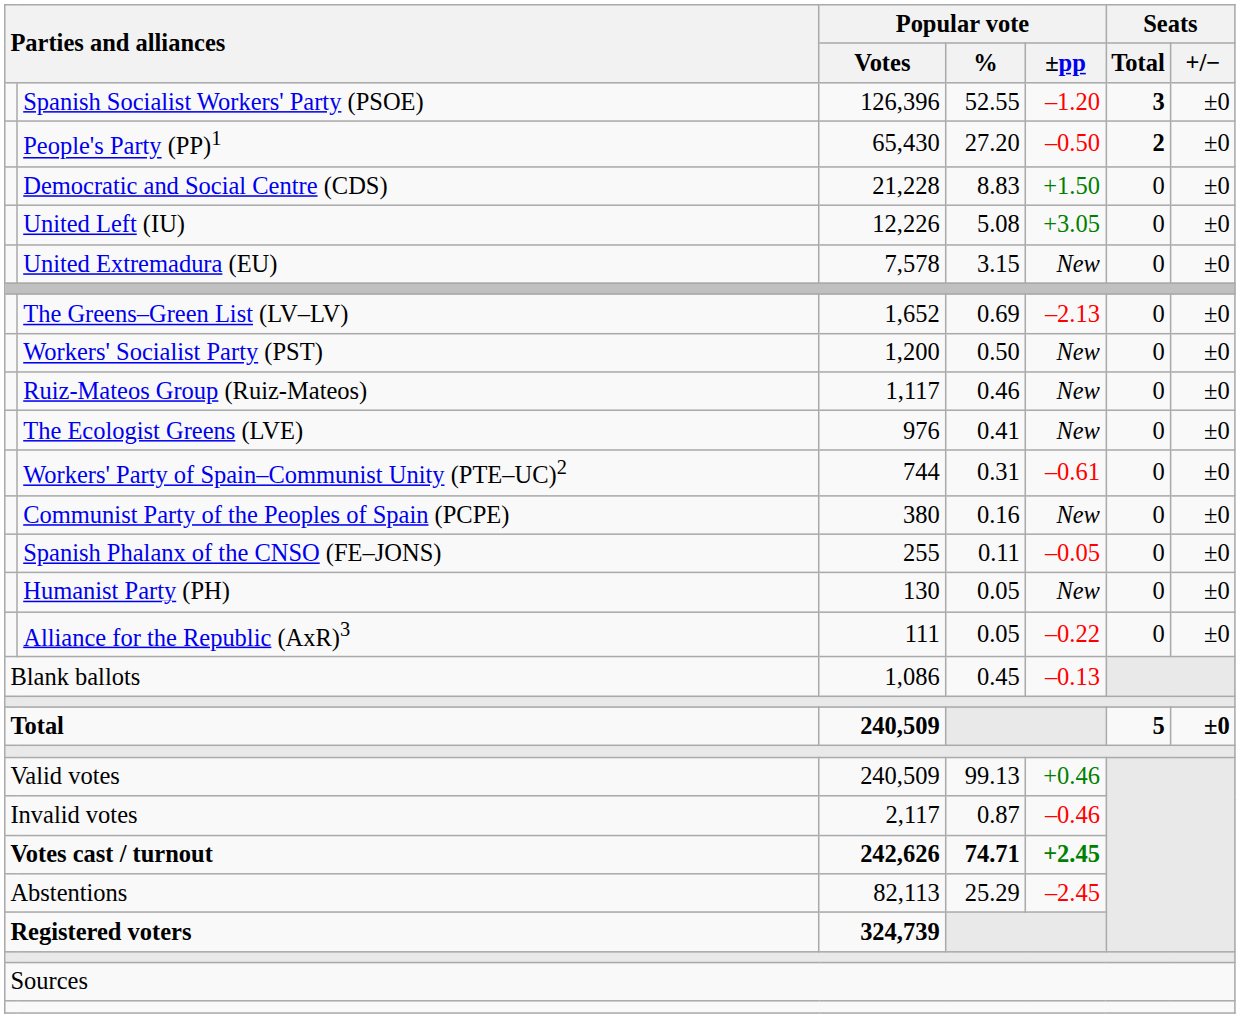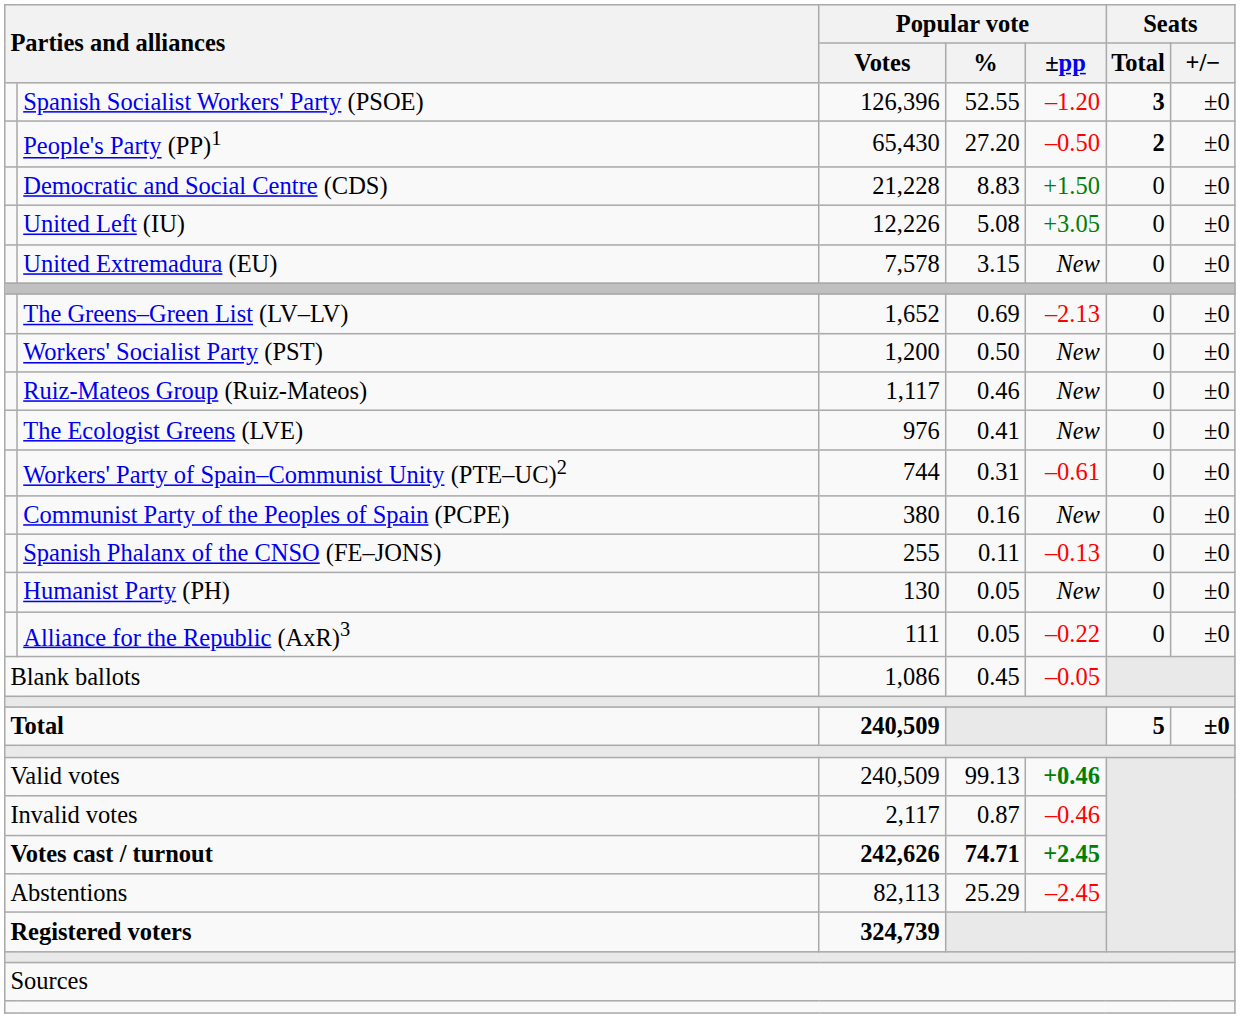 <table class="wikitable" style="text-align:right;">
 <tr>
 <th style="text-align:left;" rowspan="2" colspan="2" width="525">Parties and alliances</th>
 <th colspan="3">Popular vote</th>
 <th colspan="2">Seats</th>
 </tr>
 <tr>
 <th width="75">Votes</th>
 <th width="45">%</th>
 <th width="45">±<a href='#'>pp</a></th>
 <th width="35">Total</th>
 <th width="35">+/−</th>
 </tr>
 <tr>
 <td width="1" style="color:inherit;background:"></td>
 <td align="left"><a href='#'>Spanish Socialist Workers' Party</a> (PSOE)</td>
 <td>126,396</td>
 <td>52.55</td>
 <td style="color:red;">–1.20</td>
 <td><strong>3</strong></td>
 <td>±0</td>
 </tr>
 <tr>
 <td style="color:inherit;background:"></td>
 <td align="left"><a href='#'>People's Party</a> (PP)<sup>1</sup></td>
 <td>65,430</td>
 <td>27.20</td>
 <td style="color:red;">–0.50</td>
 <td><strong>2</strong></td>
 <td>±0</td>
 </tr>
 <tr>
 <td style="color:inherit;background:"></td>
 <td align="left"><a href='#'>Democratic and Social Centre</a> (CDS)</td>
 <td>21,228</td>
 <td>8.83</td>
 <td style="color:green;">+1.50</td>
 <td>0</td>
 <td>±0</td>
 </tr>
 <tr>
 <td style="color:inherit;background:"></td>
 <td align="left"><a href='#'>United Left</a> (IU)</td>
 <td>12,226</td>
 <td>5.08</td>
 <td style="color:green;">+3.05</td>
 <td>0</td>
 <td>±0</td>
 </tr>
 <tr>
 <td style="color:inherit;background:"></td>
 <td align="left"><a href='#'>United Extremadura</a> (EU)</td>
 <td>7,578</td>
 <td>3.15</td>
 <td><em>New</em></td>
 <td>0</td>
 <td>±0</td>
 </tr>
 <tr>
 <td colspan="7" bgcolor="#C0C0C0"></td>
 </tr>
 <tr>
 <td style="color:inherit;background:"></td>
 <td align="left"><a href='#'>The Greens–Green List</a> (LV–LV)</td>
 <td>1,652</td>
 <td>0.69</td>
 <td style="color:red;">–2.13</td>
 <td>0</td>
 <td>±0</td>
 </tr>
 <tr>
 <td style="color:inherit;background:"></td>
 <td align="left"><a href='#'>Workers' Socialist Party</a> (PST)</td>
 <td>1,200</td>
 <td>0.50</td>
 <td><em>New</em></td>
 <td>0</td>
 <td>±0</td>
 </tr>
 <tr>
 <td style="color:inherit;background:"></td>
 <td align="left"><a href='#'>Ruiz-Mateos Group</a> (Ruiz-Mateos)</td>
 <td>1,117</td>
 <td>0.46</td>
 <td><em>New</em></td>
 <td>0</td>
 <td>±0</td>
 </tr>
 <tr>
 <td style="color:inherit;background:"></td>
 <td align="left"><a href='#'>The Ecologist Greens</a> (LVE)</td>
 <td>976</td>
 <td>0.41</td>
 <td><em>New</em></td>
 <td>0</td>
 <td>±0</td>
 </tr>
 <tr>
 <td style="color:inherit;background:"></td>
 <td align="left"><a href='#'>Workers' Party of Spain–Communist Unity</a> (PTE–UC)<sup>2</sup></td>
 <td>744</td>
 <td>0.31</td>
 <td style="color:red;">–0.61</td>
 <td>0</td>
 <td>±0</td>
 </tr>
 <tr>
 <td style="color:inherit;background:"></td>
 <td align="left"><a href='#'>Communist Party of the Peoples of Spain</a> (PCPE)</td>
 <td>380</td>
 <td>0.16</td>
 <td><em>New</em></td>
 <td>0</td>
 <td>±0</td>
 </tr>
 <tr>
 <td style="color:inherit;background:"></td>
 <td align="left"><a href='#'>Spanish Phalanx of the CNSO</a> (FE–JONS)</td>
 <td>255</td>
 <td>0.11</td>
-<td style="color:red;">–0.05</td>
+<td style="color:red;">–0.13</td>
 <td>0</td>
 <td>±0</td>
 </tr>
 <tr>
 <td style="color:inherit;background:"></td>
 <td align="left"><a href='#'>Humanist Party</a> (PH)</td>
 <td>130</td>
 <td>0.05</td>
 <td><em>New</em></td>
 <td>0</td>
 <td>±0</td>
 </tr>
 <tr>
 <td style="color:inherit;background:"></td>
 <td align="left"><a href='#'>Alliance for the Republic</a> (AxR)<sup>3</sup></td>
 <td>111</td>
 <td>0.05</td>
 <td style="color:red;">–0.22</td>
 <td>0</td>
 <td>±0</td>
 </tr>
 <tr>
 <td align="left" colspan="2">Blank ballots</td>
 <td>1,086</td>
 <td>0.45</td>
-<td style="color:red;">–0.13</td>
+<td style="color:red;">–0.05</td>
 <td bgcolor="#E9E9E9" colspan="2"></td>
 </tr>
 <tr>
 <td colspan="7" bgcolor="#E9E9E9"></td>
 </tr>
 <tr style="font-weight:bold;">
 <td align="left" colspan="2">Total</td>
 <td>240,509</td>
 <td bgcolor="#E9E9E9" colspan="2"></td>
 <td>5</td>
 <td>±0</td>
 </tr>
 <tr>
 <td colspan="7" bgcolor="#E9E9E9"></td>
 </tr>
 <tr>
 <td align="left" colspan="2">Valid votes</td>
 <td>240,509</td>
 <td>99.13</td>
-<td style="color:green;">+0.46</td>
+<td style="color:green;"><strong>+0.46</strong></td>
 <td bgcolor="#E9E9E9" colspan="2" rowspan="5"></td>
 </tr>
 <tr>
 <td align="left" colspan="2">Invalid votes</td>
 <td>2,117</td>
 <td>0.87</td>
 <td style="color:red;">–0.46</td>
 </tr>
 <tr style="font-weight:bold;">
 <td align="left" colspan="2">Votes cast / turnout</td>
 <td>242,626</td>
 <td>74.71</td>
 <td style="color:green;">+2.45</td>
 </tr>
 <tr>
 <td align="left" colspan="2">Abstentions</td>
 <td>82,113</td>
 <td>25.29</td>
 <td style="color:red;">–2.45</td>
 </tr>
 <tr style="font-weight:bold;">
 <td align="left" colspan="2">Registered voters</td>
 <td>324,739</td>
 <td bgcolor="#E9E9E9" colspan="2"></td>
 </tr>
 <tr>
 <td colspan="7" bgcolor="#E9E9E9"></td>
 </tr>
 <tr>
 <td align="left" colspan="7">Sources</td>
 </tr>
 <tr>
 <td colspan="7" style="text-align:left; max-width:790px;"></td>
 </tr>
 </table>
